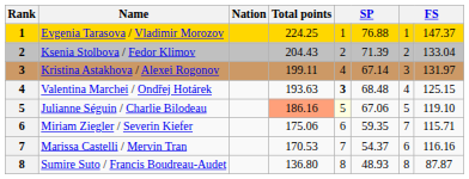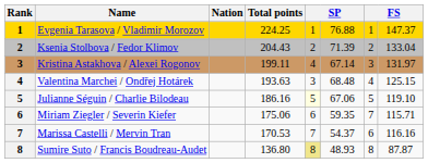 <table class="wikitable sortable">
 <tr>
 <th>Rank</th>
 <th>Name</th>
 <th>Nation</th>
 <th>Total points</th>
 <th colspan="2" width="80px"><a href='#'>SP</a></th>
 <th colspan="2" width="80px"><a href='#'>FS</a></th>
 </tr>
 <tr bgcolor="gold">
 <td align="center"><strong>1</strong></td>
 <td><a href='#'>Evgenia Tarasova</a> / <a href='#'>Vladimir Morozov</a></td>
 <td></td>
 <td align="center">224.25</td>
 <td align="center">1</td>
 <td align="center">76.88</td>
 <td align="center">1</td>
 <td align="center">147.37</td>
 </tr>
 <tr bgcolor="silver">
 <td align="center"><strong>2</strong></td>
 <td><a href='#'>Ksenia Stolbova</a> / <a href='#'>Fedor Klimov</a></td>
 <td></td>
 <td align="center">204.43</td>
 <td align="center">2</td>
 <td align="center">71.39</td>
 <td align="center">2</td>
 <td align="center">133.04</td>
 </tr>
 <tr bgcolor="cc9966">
 <td align="center"><strong>3</strong></td>
 <td><a href='#'>Kristina Astakhova</a> / <a href='#'>Alexei Rogonov</a></td>
 <td></td>
 <td align="center">199.11</td>
 <td align="center">4</td>
 <td align="center">67.14</td>
 <td align="center">3</td>
 <td align="center">131.97</td>
 </tr>
 <tr>
 <th>4</th>
 <td><a href='#'>Valentina Marchei</a> / <a href='#'>Ondřej Hotárek</a></td>
 <td></td>
 <td align="center">193.63</td>
-<td align="center"><strong>3</strong></td>
+<td align="center">3</td>
 <td align="center">68.48</td>
 <td align="center">4</td>
 <td align="center">125.15</td>
 </tr>
 <tr>
 <th>5</th>
 <td><a href='#'>Julianne Séguin</a> / <a href='#'>Charlie Bilodeau</a></td>
 <td></td>
-<td align="center" style="background: lightsalmon;">186.16</td>
+<td align="center">186.16</td>
 <td align="center" style="background: lightyellow;">5</td>
 <td align="center">67.06</td>
 <td align="center">5</td>
 <td align="center">119.10</td>
 </tr>
 <tr>
 <th>6</th>
 <td><a href='#'>Miriam Ziegler</a> / <a href='#'>Severin Kiefer</a></td>
 <td></td>
 <td align="center">175.06</td>
 <td align="center">6</td>
 <td align="center">59.35</td>
 <td align="center">7</td>
 <td align="center">115.71</td>
 </tr>
 <tr>
 <th>7</th>
 <td><a href='#'>Marissa Castelli</a> / <a href='#'>Mervin Tran</a></td>
 <td></td>
 <td align="center">170.53</td>
 <td align="center">7</td>
 <td align="center">54.37</td>
 <td align="center">6</td>
 <td align="center">116.16</td>
 </tr>
 <tr>
 <th>8</th>
 <td><a href='#'>Sumire Suto</a> / <a href='#'>Francis Boudreau-Audet</a></td>
 <td></td>
 <td align="center">136.80</td>
-<td align="center">8</td>
+<td align="center" style="background: khaki;">8</td>
 <td align="center">48.93</td>
 <td align="center">8</td>
 <td align="center">87.87</td>
 </tr>
 </table>
